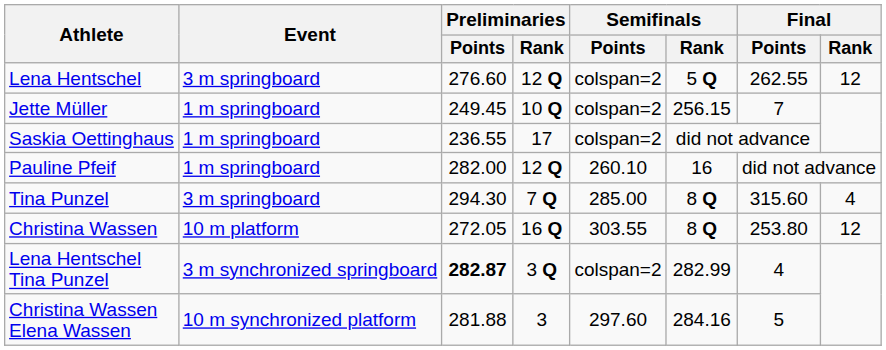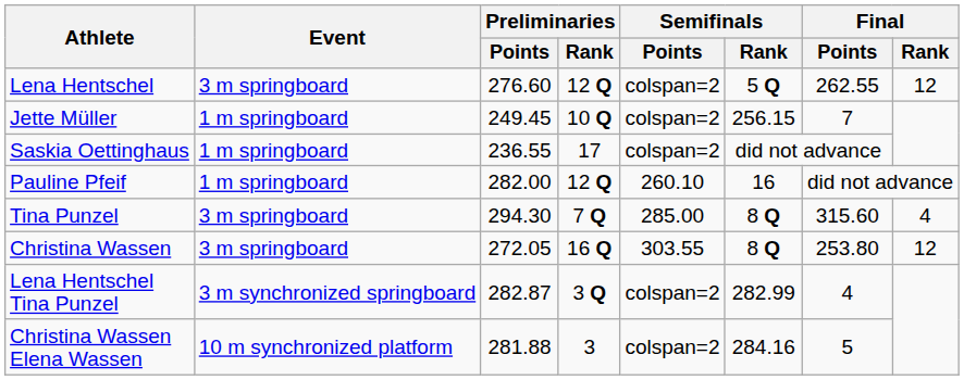 <table class="wikitable" style="font-size:90%">
 <tr>
 <th rowspan="2">Athlete</th>
 <th rowspan="2">Event</th>
 <th colspan="2">Preliminaries</th>
 <th colspan="2">Semifinals</th>
 <th colspan="2">Final</th>
 </tr>
 <tr style="font-size:95%">
 <th>Points</th>
 <th>Rank</th>
 <th>Points</th>
 <th>Rank</th>
 <th>Points</th>
 <th>Rank</th>
 </tr>
 <tr align="center">
 <td align="left"><a href='#'>Lena Hentschel</a></td>
 <td align="left"><a href='#'>3 m springboard</a></td>
 <td>276.60</td>
 <td>12 <strong>Q</strong></td>
 <td>colspan=2</td>
 <td>5 <strong>Q</strong></td>
 <td>262.55</td>
 <td>12</td>
 </tr>
 <tr align="center">
 <td align="left"><a href='#'>Jette Müller</a></td>
 <td align="left"><a href='#'>1 m springboard</a></td>
 <td>249.45</td>
 <td>10 <strong>Q</strong></td>
 <td>colspan=2</td>
 <td>256.15</td>
 <td>7</td>
 </tr>
 <tr align="center">
 <td align="left"><a href='#'>Saskia Oettinghaus</a></td>
 <td align="left"><a href='#'>1 m springboard</a></td>
 <td>236.55</td>
 <td>17</td>
 <td>colspan=2</td>
 <td colspan=2>did not advance</td>
 </tr>
 <tr align="center">
 <td align="left"><a href='#'>Pauline Pfeif</a></td>
 <td align="left"><a href='#'>1 m springboard</a></td>
 <td>282.00</td>
 <td>12 <strong>Q</strong></td>
 <td>260.10</td>
 <td>16</td>
 <td colspan=2>did not advance</td>
 </tr>
 <tr align="center">
 <td align="left"><a href='#'>Tina Punzel</a></td>
 <td align="left"><a href='#'>3 m springboard</a></td>
 <td>294.30</td>
 <td>7 <strong>Q</strong></td>
 <td>285.00</td>
 <td>8 <strong>Q</strong></td>
 <td>315.60</td>
 <td>4</td>
 </tr>
 <tr align="center">
 <td align="left"><a href='#'>Christina Wassen</a></td>
-<td align="left"><a href='#'>10 m platform</a></td>
+<td align="left"><a href='#'>3 m springboard</a></td>
 <td>272.05</td>
 <td>16 <strong>Q</strong></td>
 <td>303.55</td>
 <td>8 <strong>Q</strong></td>
 <td>253.80</td>
 <td>12</td>
 </tr>
 <tr align="center">
 <td align="left"><a href='#'>Lena Hentschel</a><br><a href='#'>Tina Punzel</a></td>
 <td align="left"><a href='#'>3 m synchronized springboard</a></td>
-<td><strong>282.87</strong></td>
+<td>282.87</td>
 <td>3 <strong>Q</strong></td>
 <td>colspan=2 </td>
 <td>282.99</td>
 <td>4</td>
 </tr>
 <tr align="center">
 <td align="left"><a href='#'>Christina Wassen</a><br><a href='#'>Elena Wassen</a></td>
 <td align="left"><a href='#'>10 m synchronized platform</a></td>
 <td>281.88</td>
 <td>3</td>
-<td>297.60</td>
+<td>colspan=2 </td>
 <td>284.16</td>
 <td>5</td>
 </tr>
 </table>
